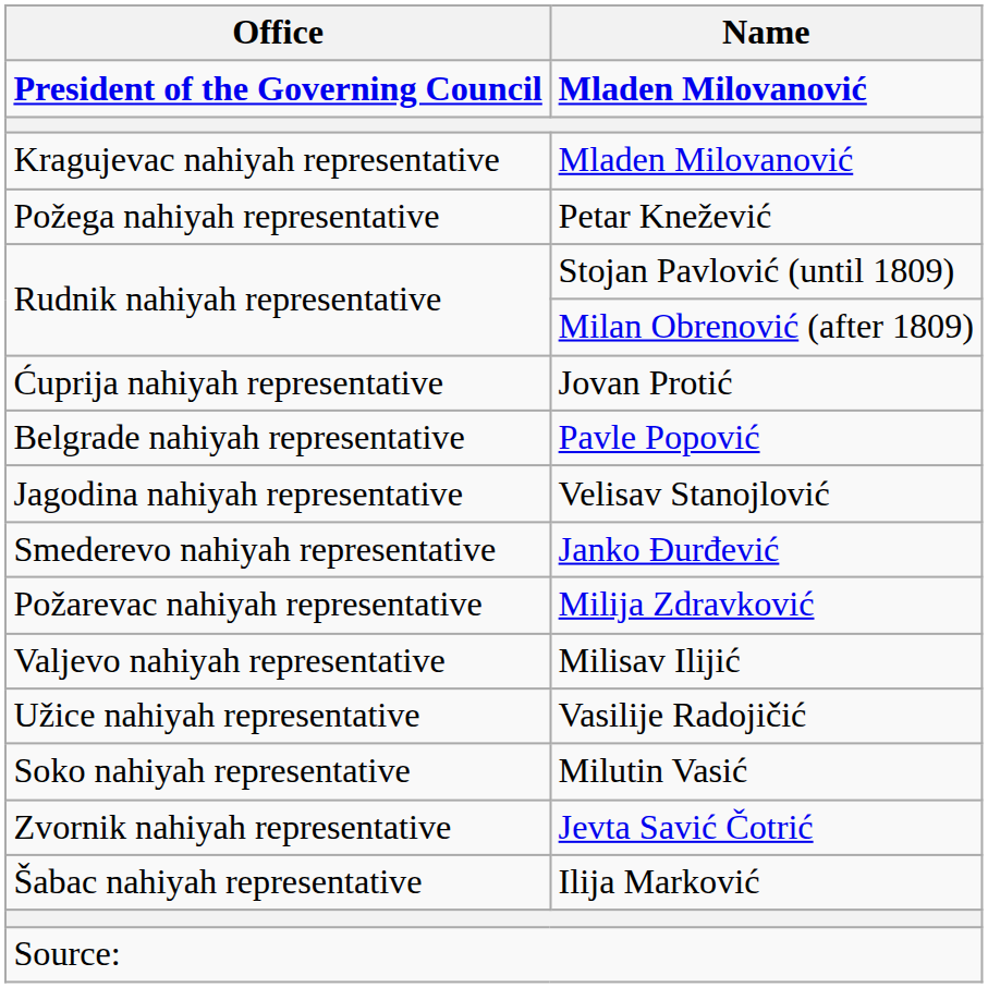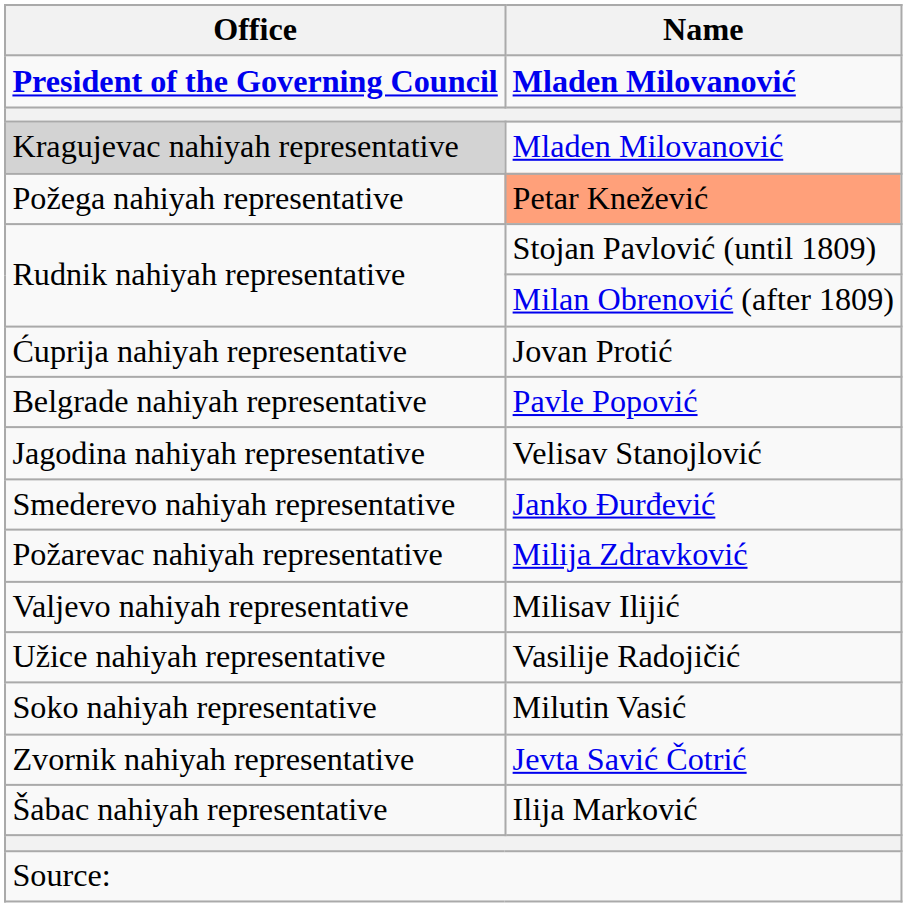 <table class="wikitable">
 <tr>
 <th>Office</th>
 <th>Name</th>
 </tr>
 <tr>
 <td><strong><a href='#'>President of the Governing Council</a></strong></td>
 <td><strong><a href='#'>Mladen Milovanović</a></strong></td>
 </tr>
 <tr>
 <th colspan="2"></th>
 </tr>
 <tr>
-<td>Kragujevac nahiyah representative</td>
+<td style="background: lightgrey;">Kragujevac nahiyah representative</td>
 <td><a href='#'>Mladen Milovanović</a></td>
 </tr>
 <tr>
 <td>Požega nahiyah representative</td>
-<td>Petar Knežević</td>
+<td style="background: lightsalmon;">Petar Knežević</td>
 </tr>
 <tr>
 <td rowspan="2">Rudnik nahiyah representative</td>
 <td>Stojan Pavlović (until 1809)</td>
 </tr>
 <tr>
 <td><a href='#'>Milan Obrenović</a> (after 1809)</td>
 </tr>
 <tr>
 <td>Ćuprija nahiyah representative</td>
 <td>Jovan Protić</td>
 </tr>
 <tr>
 <td>Belgrade nahiyah representative</td>
 <td><a href='#'>Pavle Popović</a></td>
 </tr>
 <tr>
 <td>Jagodina nahiyah representative</td>
 <td>Velisav Stanojlović</td>
 </tr>
 <tr>
 <td>Smederevo nahiyah representative</td>
 <td><a href='#'>Janko Đurđević</a></td>
 </tr>
 <tr>
 <td>Požarevac nahiyah representative</td>
 <td><a href='#'>Milija Zdravković</a></td>
 </tr>
 <tr>
 <td>Valjevo nahiyah representative</td>
 <td>Milisav Ilijić</td>
 </tr>
 <tr>
 <td>Užice nahiyah representative</td>
 <td>Vasilije Radojičić</td>
 </tr>
 <tr>
 <td>Soko nahiyah representative</td>
 <td>Milutin Vasić</td>
 </tr>
 <tr>
 <td>Zvornik nahiyah representative</td>
 <td><a href='#'>Jevta Savić Čotrić</a></td>
 </tr>
 <tr>
 <td>Šabac nahiyah representative</td>
 <td>Ilija Marković</td>
 </tr>
 <tr>
 <th colspan="2"></th>
 </tr>
 <tr>
 <td colspan="2">Source:</td>
 </tr>
 </table>
